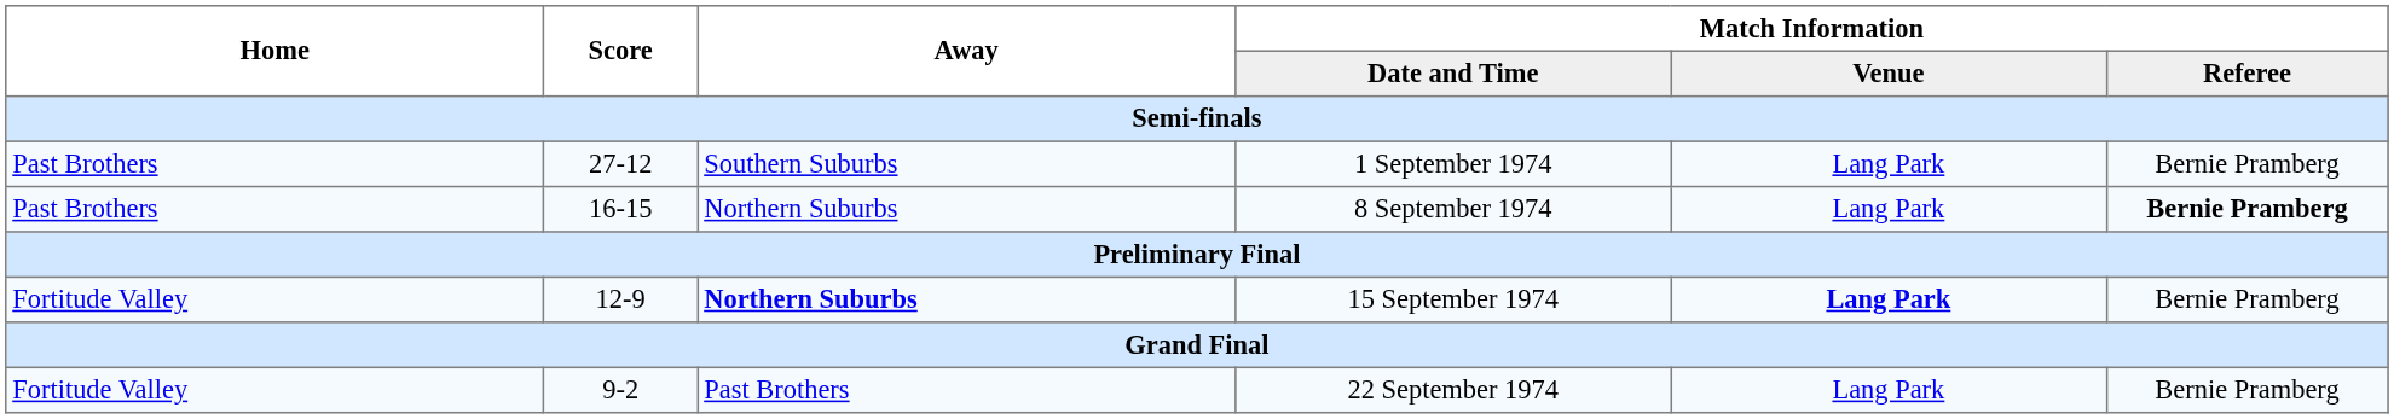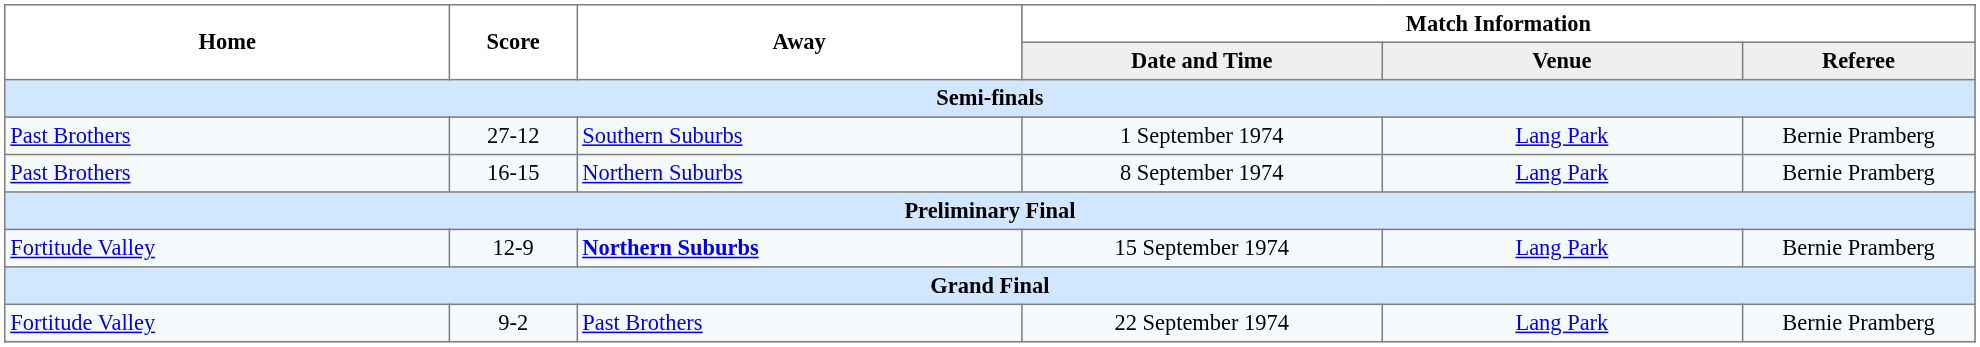 <table width="100%" cellspacing="0" cellpadding="3" border="1" style="border-collapse:collapse; font-size:90%; text-align:center;">
 <tr>
 <th rowspan="2" width="21%">Home</th>
 <th rowspan="2" width="6%">Score</th>
 <th rowspan="2" width="21%">Away</th>
 <th colspan="5">Match Information</th>
 </tr>
 <tr bgcolor="#EFEFEF">
 <th width="17%">Date and Time</th>
 <th width="17%">Venue</th>
 <th width="11%">Referee</th>
 </tr>
 <tr bgcolor="#D0E7FF">
 <td colspan="6"><strong>Semi-finals</strong></td>
 </tr>
 <tr bgcolor="#F5FAFF">
 <td align="left"> <a href='#'>Past Brothers</a></td>
 <td>27-12</td>
 <td align="left"> <a href='#'>Southern Suburbs</a></td>
 <td>1 September 1974</td>
 <td><a href='#'>Lang Park</a></td>
 <td>Bernie Pramberg</td>
 </tr>
 <tr bgcolor="#F5FAFF">
 <td align="left"> <a href='#'>Past Brothers</a></td>
 <td>16-15</td>
 <td align="left"> <a href='#'>Northern Suburbs</a></td>
 <td>8 September 1974</td>
 <td><a href='#'>Lang Park</a></td>
-<td><strong>Bernie Pramberg</strong></td>
+<td>Bernie Pramberg</td>
 </tr>
 <tr bgcolor="#D0E7FF">
 <td colspan="6"><strong>Preliminary Final</strong></td>
 </tr>
 <tr bgcolor="#F5FAFF">
 <td align="left"> <a href='#'>Fortitude Valley</a></td>
 <td>12-9</td>
 <td align="left"><strong> <a href='#'>Northern Suburbs</a></strong></td>
 <td>15 September 1974</td>
-<td><strong><a href='#'>Lang Park</a></strong></td>
+<td><a href='#'>Lang Park</a></td>
 <td>Bernie Pramberg</td>
 </tr>
 <tr bgcolor="#D0E7FF">
 <td colspan="6"><strong>Grand Final</strong></td>
 </tr>
 <tr bgcolor="#F5FAFF">
 <td align="left"> <a href='#'>Fortitude Valley</a></td>
 <td>9-2</td>
 <td align="left"> <a href='#'>Past Brothers</a></td>
 <td>22 September 1974</td>
 <td><a href='#'>Lang Park</a></td>
 <td>Bernie Pramberg</td>
 </tr>
 </table>
